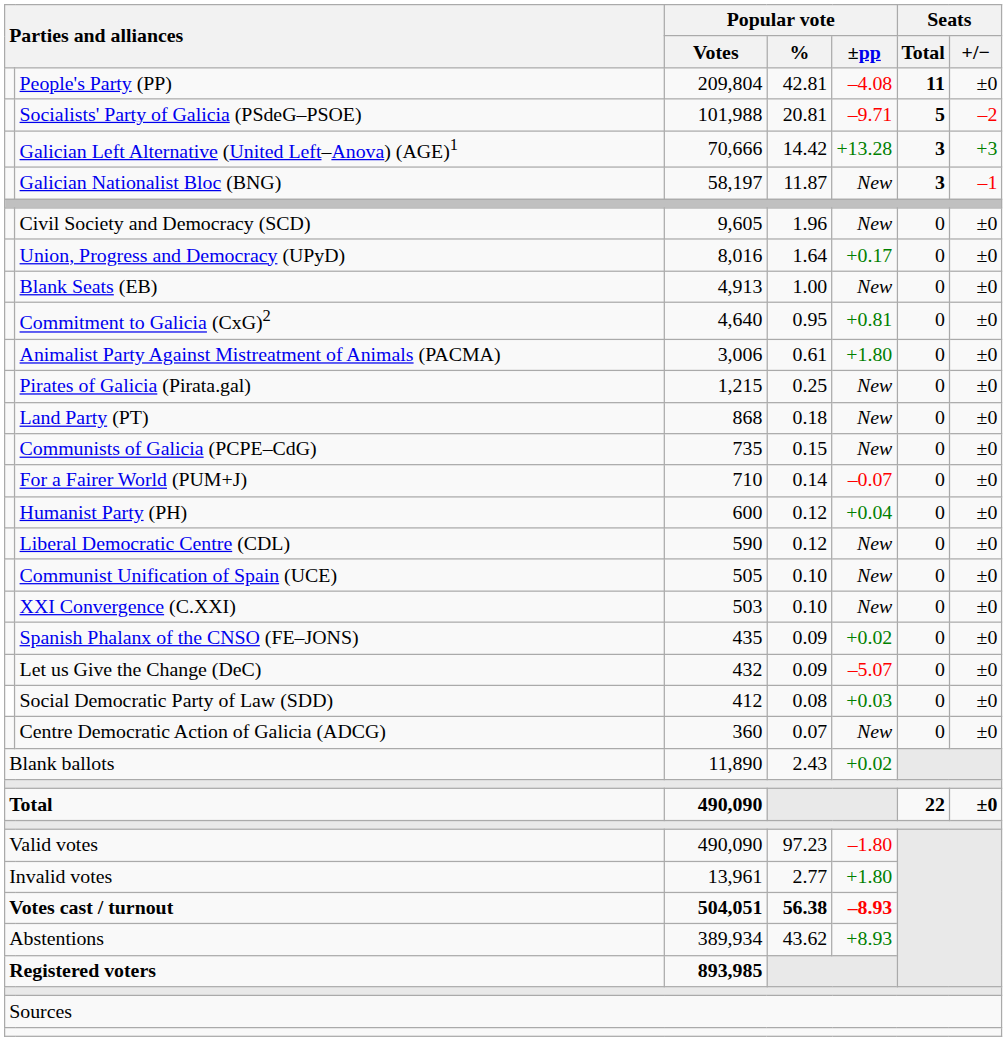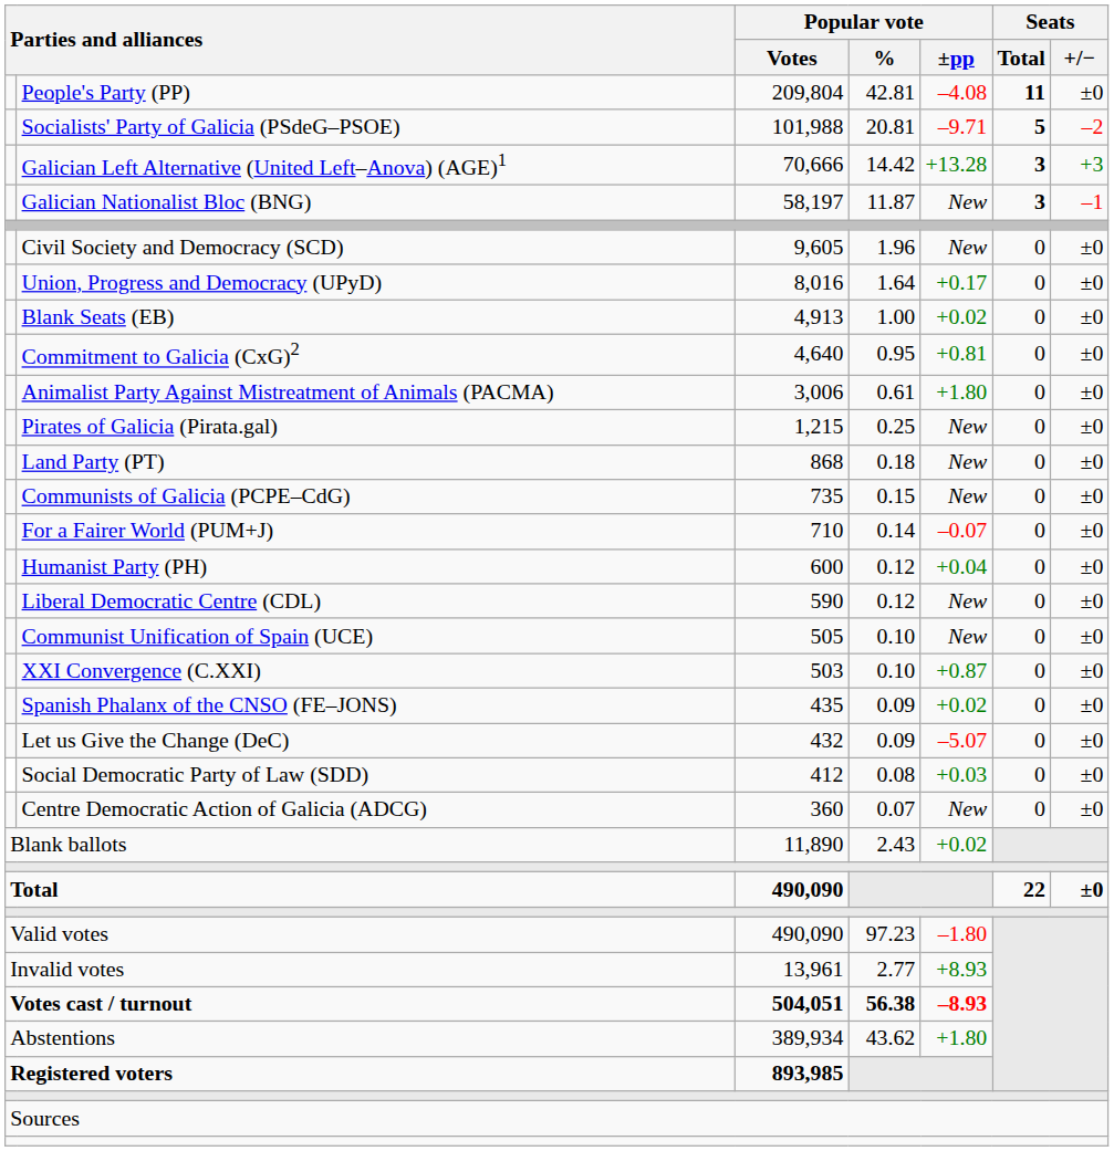 <table class="wikitable" style="text-align:right;">
 <tr>
 <th style="text-align:left;" rowspan="2" colspan="2" width="525">Parties and alliances</th>
 <th colspan="3">Popular vote</th>
 <th colspan="2">Seats</th>
 </tr>
 <tr>
 <th width="75">Votes</th>
 <th width="45">%</th>
 <th width="45">±<a href='#'>pp</a></th>
 <th width="35">Total</th>
 <th width="35">+/−</th>
 </tr>
 <tr>
 <td width="1" style="color:inherit;background:"></td>
 <td align="left"><a href='#'>People's Party</a> (PP)</td>
 <td>209,804</td>
 <td>42.81</td>
 <td style="color:red;">–4.08</td>
 <td><strong>11</strong></td>
 <td>±0</td>
 </tr>
 <tr>
 <td style="color:inherit;background:"></td>
 <td align="left"><a href='#'>Socialists' Party of Galicia</a> (PSdeG–PSOE)</td>
 <td>101,988</td>
 <td>20.81</td>
 <td style="color:red;">–9.71</td>
 <td><strong>5</strong></td>
 <td style="color:red;">–2</td>
 </tr>
 <tr>
 <td style="color:inherit;background:"></td>
 <td align="left"><a href='#'>Galician Left Alternative</a> (<a href='#'>United Left</a>–<a href='#'>Anova</a>) (AGE)<sup>1</sup></td>
 <td>70,666</td>
 <td>14.42</td>
 <td style="color:green;">+13.28</td>
 <td><strong>3</strong></td>
 <td style="color:green;">+3</td>
 </tr>
 <tr>
 <td style="color:inherit;background:"></td>
 <td align="left"><a href='#'>Galician Nationalist Bloc</a> (BNG)</td>
 <td>58,197</td>
 <td>11.87</td>
 <td><em>New</em></td>
 <td><strong>3</strong></td>
 <td style="color:red;">–1</td>
 </tr>
 <tr>
 <td colspan="7" bgcolor="#C0C0C0"></td>
 </tr>
 <tr>
 <td style="color:inherit;background:"></td>
 <td align="left">Civil Society and Democracy (SCD)</td>
 <td>9,605</td>
 <td>1.96</td>
 <td><em>New</em></td>
 <td>0</td>
 <td>±0</td>
 </tr>
 <tr>
 <td style="color:inherit;background:"></td>
 <td align="left"><a href='#'>Union, Progress and Democracy</a> (UPyD)</td>
 <td>8,016</td>
 <td>1.64</td>
 <td style="color:green;">+0.17</td>
 <td>0</td>
 <td>±0</td>
 </tr>
 <tr>
 <td style="color:inherit;background:"></td>
 <td align="left"><a href='#'>Blank Seats</a> (EB)</td>
 <td>4,913</td>
 <td>1.00</td>
-<td><em>New</em></td>
+<td style="color:green;">+0.02</td>
 <td>0</td>
 <td>±0</td>
 </tr>
 <tr>
 <td style="color:inherit;background:"></td>
 <td align="left"><a href='#'>Commitment to Galicia</a> (CxG)<sup>2</sup></td>
 <td>4,640</td>
 <td>0.95</td>
 <td style="color:green;">+0.81</td>
 <td>0</td>
 <td>±0</td>
 </tr>
 <tr>
 <td style="color:inherit;background:"></td>
 <td align="left"><a href='#'>Animalist Party Against Mistreatment of Animals</a> (PACMA)</td>
 <td>3,006</td>
 <td>0.61</td>
 <td style="color:green;">+1.80</td>
 <td>0</td>
 <td>±0</td>
 </tr>
 <tr>
 <td style="color:inherit;background:"></td>
 <td align="left"><a href='#'>Pirates of Galicia</a> (Pirata.gal)</td>
 <td>1,215</td>
 <td>0.25</td>
 <td><em>New</em></td>
 <td>0</td>
 <td>±0</td>
 </tr>
 <tr>
 <td style="color:inherit;background:"></td>
 <td align="left"><a href='#'>Land Party</a> (PT)</td>
 <td>868</td>
 <td>0.18</td>
 <td><em>New</em></td>
 <td>0</td>
 <td>±0</td>
 </tr>
 <tr>
 <td style="color:inherit;background:"></td>
 <td align="left"><a href='#'>Communists of Galicia</a> (PCPE–CdG)</td>
 <td>735</td>
 <td>0.15</td>
 <td><em>New</em></td>
 <td>0</td>
 <td>±0</td>
 </tr>
 <tr>
 <td style="color:inherit;background:"></td>
 <td align="left"><a href='#'>For a Fairer World</a> (PUM+J)</td>
 <td>710</td>
 <td>0.14</td>
 <td style="color:red;">–0.07</td>
 <td>0</td>
 <td>±0</td>
 </tr>
 <tr>
 <td style="color:inherit;background:"></td>
 <td align="left"><a href='#'>Humanist Party</a> (PH)</td>
 <td>600</td>
 <td>0.12</td>
 <td style="color:green;">+0.04</td>
 <td>0</td>
 <td>±0</td>
 </tr>
 <tr>
 <td style="color:inherit;background:"></td>
 <td align="left"><a href='#'>Liberal Democratic Centre</a> (CDL)</td>
 <td>590</td>
 <td>0.12</td>
 <td><em>New</em></td>
 <td>0</td>
 <td>±0</td>
 </tr>
 <tr>
 <td style="color:inherit;background:"></td>
 <td align="left"><a href='#'>Communist Unification of Spain</a> (UCE)</td>
 <td>505</td>
 <td>0.10</td>
 <td><em>New</em></td>
 <td>0</td>
 <td>±0</td>
 </tr>
 <tr>
 <td style="color:inherit;background:"></td>
 <td align="left"><a href='#'>XXI Convergence</a> (C.XXI)</td>
 <td>503</td>
 <td>0.10</td>
-<td><em>New</em></td>
+<td style="color:green;">+0.87</td>
 <td>0</td>
 <td>±0</td>
 </tr>
 <tr>
 <td style="color:inherit;background:"></td>
 <td align="left"><a href='#'>Spanish Phalanx of the CNSO</a> (FE–JONS)</td>
 <td>435</td>
 <td>0.09</td>
 <td style="color:green;">+0.02</td>
 <td>0</td>
 <td>±0</td>
 </tr>
 <tr>
 <td style="color:inherit;background:"></td>
 <td align="left">Let us Give the Change (DeC)</td>
 <td>432</td>
 <td>0.09</td>
 <td style="color:red;">–5.07</td>
 <td>0</td>
 <td>±0</td>
 </tr>
 <tr>
 <td bgcolor="white"></td>
 <td align="left">Social Democratic Party of Law (SDD)</td>
 <td>412</td>
 <td>0.08</td>
 <td style="color:green;">+0.03</td>
 <td>0</td>
 <td>±0</td>
 </tr>
 <tr>
 <td style="color:inherit;background:"></td>
 <td align="left">Centre Democratic Action of Galicia (ADCG)</td>
 <td>360</td>
 <td>0.07</td>
 <td><em>New</em></td>
 <td>0</td>
 <td>±0</td>
 </tr>
 <tr>
 <td align="left" colspan="2">Blank ballots</td>
 <td>11,890</td>
 <td>2.43</td>
 <td style="color:green;">+0.02</td>
 <td bgcolor="#E9E9E9" colspan="2"></td>
 </tr>
 <tr>
 <td colspan="7" bgcolor="#E9E9E9"></td>
 </tr>
 <tr style="font-weight:bold;">
 <td align="left" colspan="2">Total</td>
 <td>490,090</td>
 <td bgcolor="#E9E9E9" colspan="2"></td>
 <td>22</td>
 <td>±0</td>
 </tr>
 <tr>
 <td colspan="7" bgcolor="#E9E9E9"></td>
 </tr>
 <tr>
 <td align="left" colspan="2">Valid votes</td>
 <td>490,090</td>
 <td>97.23</td>
 <td style="color:red;">–1.80</td>
 <td bgcolor="#E9E9E9" colspan="2" rowspan="5"></td>
 </tr>
 <tr>
 <td align="left" colspan="2">Invalid votes</td>
 <td>13,961</td>
 <td>2.77</td>
-<td style="color:green;">+1.80</td>
+<td style="color:green;">+8.93</td>
 </tr>
 <tr style="font-weight:bold;">
 <td align="left" colspan="2">Votes cast / turnout</td>
 <td>504,051</td>
 <td>56.38</td>
 <td style="color:red;">–8.93</td>
 </tr>
 <tr>
 <td align="left" colspan="2">Abstentions</td>
 <td>389,934</td>
 <td>43.62</td>
-<td style="color:green;">+8.93</td>
+<td style="color:green;">+1.80</td>
 </tr>
 <tr style="font-weight:bold;">
 <td align="left" colspan="2">Registered voters</td>
 <td>893,985</td>
 <td bgcolor="#E9E9E9" colspan="2"></td>
 </tr>
 <tr>
 <td colspan="7" bgcolor="#E9E9E9"></td>
 </tr>
 <tr>
 <td align="left" colspan="7">Sources</td>
 </tr>
 <tr>
 <td colspan="7" style="text-align:left; max-width:790px;"></td>
 </tr>
 </table>
